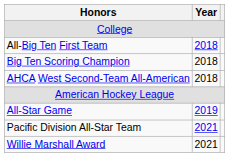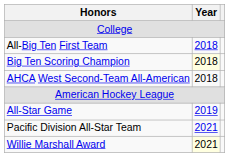 <table class="wikitable">
 <tr>
 <th>Honors</th>
 <th>Year</th>
 <th></th>
 </tr>
 <tr ALIGN="center" bgcolor="#e0e0e0">
 <td colspan="3"><a href='#'>College</a></td>
 </tr>
 <tr>
 <td>All-<a href='#'>Big Ten</a> <a href='#'>First Team</a></td>
 <td><a href='#'>2018</a></td>
 <td></td>
 </tr>
 <tr>
 <td><a href='#'>Big Ten Scoring Champion</a></td>
-<td>2018</td>
+<td style="background: lightyellow;">2018</td>
 <td></td>
 </tr>
 <tr>
 <td><a href='#'>AHCA</a> <a href='#'>West Second-Team All-American</a></td>
 <td>2018</td>
 <td></td>
 </tr>
 <tr ALIGN="center" bgcolor="#e0e0e0">
 <td colspan="3"><a href='#'>American Hockey League</a></td>
 </tr>
 <tr>
 <td><a href='#'>All-Star Game</a></td>
 <td><a href='#'>2019</a></td>
 <td></td>
 </tr>
 <tr>
 <td>Pacific Division All-Star Team</td>
 <td><a href='#'>2021</a></td>
 <td></td>
 </tr>
 <tr>
 <td><a href='#'>Willie Marshall Award</a></td>
-<td>2021</td>
+<td style="background: lightyellow;">2021</td>
 <td></td>
 </tr>
 </table>
